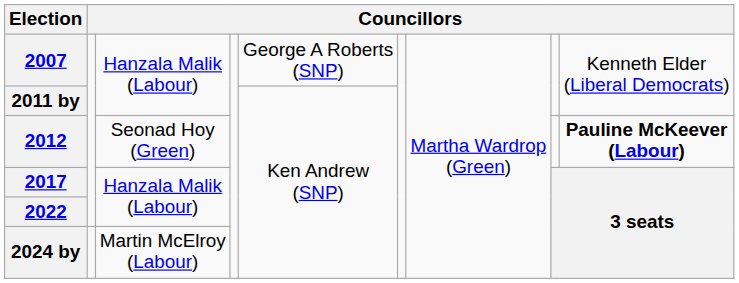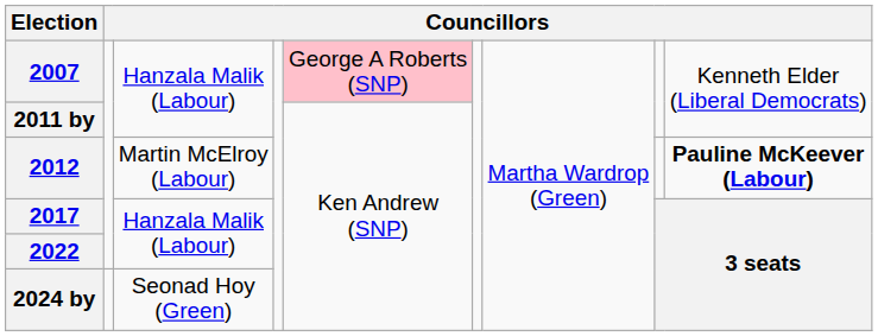 <table class="wikitable" style="text-align:center">
 <tr>
 <th>Election</th>
 <th colspan=8>Councillors</th>
 </tr>
 <tr>
 <th><a href='#'>2007</a></th>
 <td rowspan=5; style="background-color: "></td>
 <td rowspan=2><a href='#'>Hanzala Malik</a><br>(<a href='#'>Labour</a>)</td>
 <td rowspan=6; style="background-color: "></td>
-<td rowspan=1>George A Roberts<br>(<a href='#'>SNP</a>)</td>
+<td rowspan=1 style="background: pink;">George A Roberts<br>(<a href='#'>SNP</a>)</td>
 <td rowspan=6; style="background-color: "></td>
 <td rowspan=6><a href='#'>Martha Wardrop</a><br>(<a href='#'>Green</a>)</td>
 <td rowspan=2; style="background-color: "></td>
 <td rowspan=2>Kenneth Elder<br>(<a href='#'>Liberal Democrats</a>)</td>
 </tr>
 <tr>
 <th>2011 by</th>
 <td rowspan=5>Ken Andrew<br>(<a href='#'>SNP</a>)</td>
 </tr>
 <tr>
 <th><a href='#'>2012</a></th>
-<td rowspan=1>Seonad Hoy<br>(<a href='#'>Green</a>)</td>
+<td rowspan=1>Martin McElroy<br>(<a href='#'>Labour</a>)</td>
 <td rowspan=1; style="background-color: "></td>
 <td rowspan=1><strong>Pauline McKeever<br>(<a href='#'>Labour</a>)</strong></td>
 </tr>
 <tr>
 <th><a href='#'>2017</a></th>
 <td rowspan=2><a href='#'>Hanzala Malik</a><br>(<a href='#'>Labour</a>)</td>
 <th rowspan=3; colspan=2>3 seats</th>
 </tr>
 <tr>
 <th><a href='#'>2022</a></th>
 </tr>
 <tr>
 <th>2024 by</th>
 <td rowspan=1; style="background-color: "></td>
-<td rowspan=1>Martin McElroy<br>(<a href='#'>Labour</a>)</td>
+<td rowspan=1>Seonad Hoy<br>(<a href='#'>Green</a>)</td>
 </tr>
 </table>
